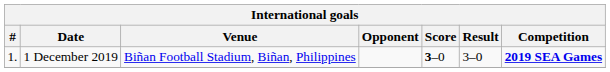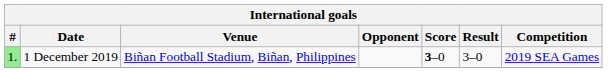 <table class="wikitable">
 <tr>
 <th colspan="8">International goals</th>
 </tr>
 <tr>
 <th>#</th>
 <th>Date</th>
 <th>Venue</th>
 <th>Opponent</th>
 <th>Score</th>
 <th>Result</th>
 <th>Competition</th>
 </tr>
 <tr>
-<td>1.</td>
+<td style="background: lightgreen;">1.</td>
 <td>1 December 2019</td>
 <td><a href='#'>Biñan Football Stadium</a>, <a href='#'>Biñan</a>, <a href='#'>Philippines</a></td>
 <td></td>
 <td><strong>3</strong>–0</td>
 <td>3–0</td>
-<td><strong><a href='#'>2019 SEA Games</a></strong></td>
+<td><a href='#'>2019 SEA Games</a></td>
 </tr>
 <tr>
 </tr>
 </table>
